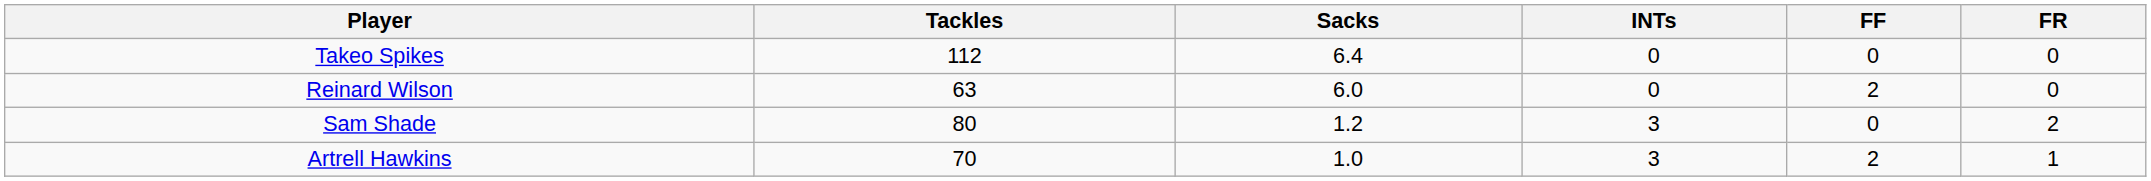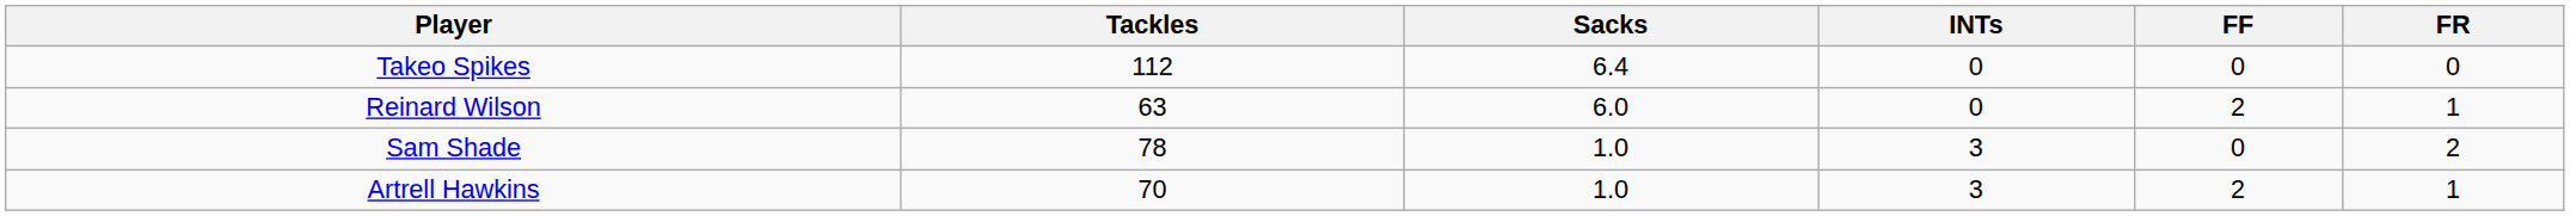 <table class="wikitable" width="80%" style="text-align:center">
 <tr>
 <th>Player</th>
 <th>Tackles</th>
 <th>Sacks</th>
 <th>INTs</th>
 <th>FF</th>
 <th>FR</th>
 </tr>
 <tr>
 <td><a href='#'>Takeo Spikes</a></td>
 <td>112</td>
 <td>6.4</td>
 <td>0</td>
 <td>0</td>
 <td>0</td>
 </tr>
 <tr>
 <td><a href='#'>Reinard Wilson</a></td>
 <td>63</td>
 <td>6.0</td>
 <td>0</td>
 <td>2</td>
-<td>0</td>
+<td>1</td>
 </tr>
 <tr>
 <td><a href='#'>Sam Shade</a></td>
-<td>80</td>
-<td>1.2</td>
+<td>78</td>
+<td>1.0</td>
 <td>3</td>
 <td>0</td>
 <td>2</td>
 </tr>
 <tr>
 <td><a href='#'>Artrell Hawkins</a></td>
 <td>70</td>
 <td>1.0</td>
 <td>3</td>
 <td>2</td>
 <td>1</td>
 </tr>
 </table>
